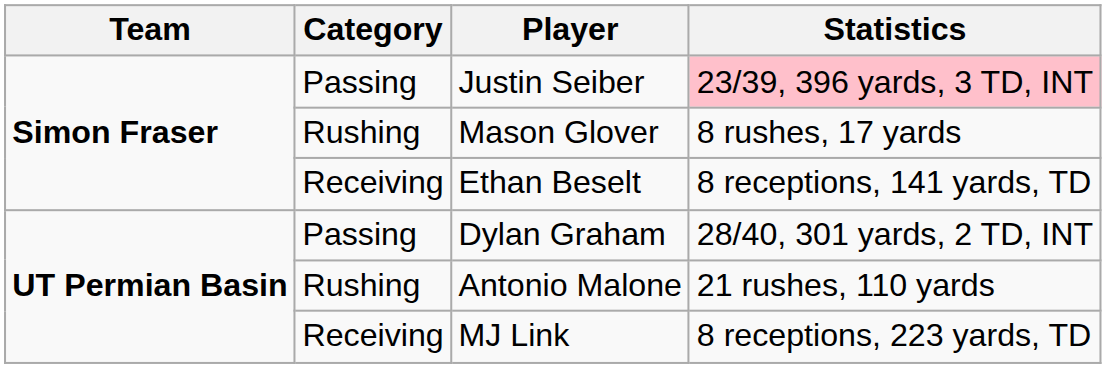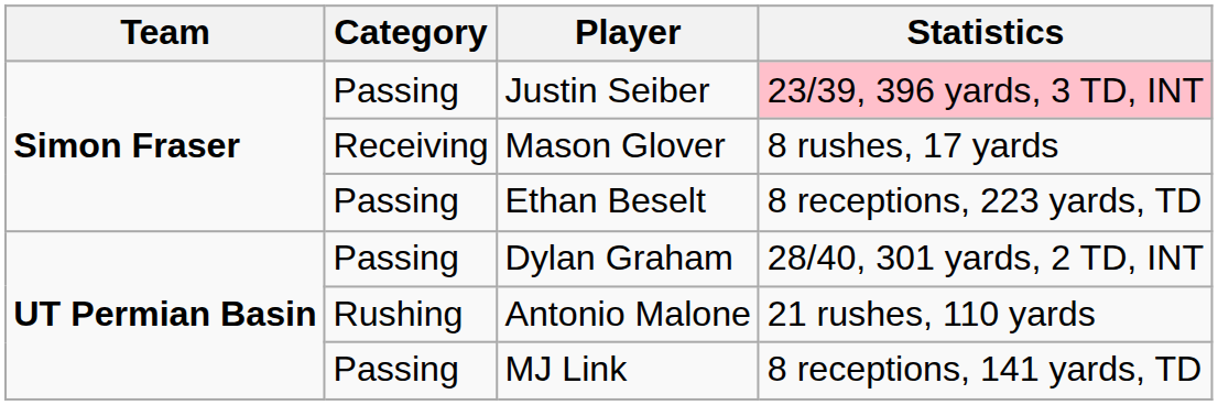 <table class="wikitable" style="float: right;">
 <tr>
 <th>Team</th>
 <th>Category</th>
 <th>Player</th>
 <th>Statistics</th>
 </tr>
 <tr>
 <td rowspan=3><strong>Simon Fraser</strong></td>
 <td>Passing</td>
 <td>Justin Seiber</td>
 <td style="background: pink;">23/39, 396 yards, 3 TD, INT</td>
 </tr>
 <tr>
-<td>Rushing</td>
+<td>Receiving</td>
 <td>Mason Glover</td>
 <td>8 rushes, 17 yards</td>
 </tr>
 <tr>
-<td>Receiving</td>
+<td>Passing</td>
 <td>Ethan Beselt</td>
-<td>8 receptions, 141 yards, TD</td>
+<td>8 receptions, 223 yards, TD</td>
 </tr>
 <tr>
 <td rowspan=3><strong>UT Permian Basin</strong></td>
 <td>Passing</td>
 <td>Dylan Graham</td>
 <td>28/40, 301 yards, 2 TD, INT</td>
 </tr>
 <tr>
 <td>Rushing</td>
 <td>Antonio Malone</td>
 <td>21 rushes, 110 yards</td>
 </tr>
 <tr>
-<td>Receiving</td>
+<td>Passing</td>
 <td>MJ Link</td>
-<td>8 receptions, 223 yards, TD</td>
+<td>8 receptions, 141 yards, TD</td>
 </tr>
 </table>
